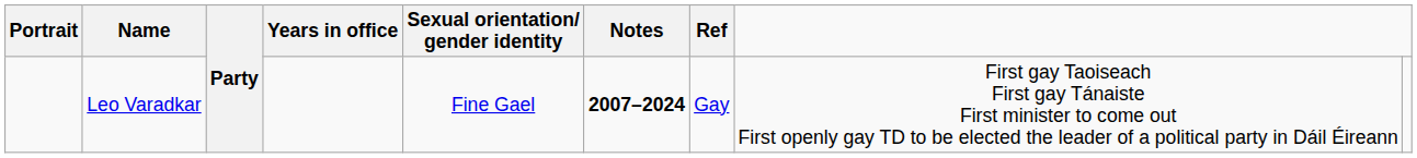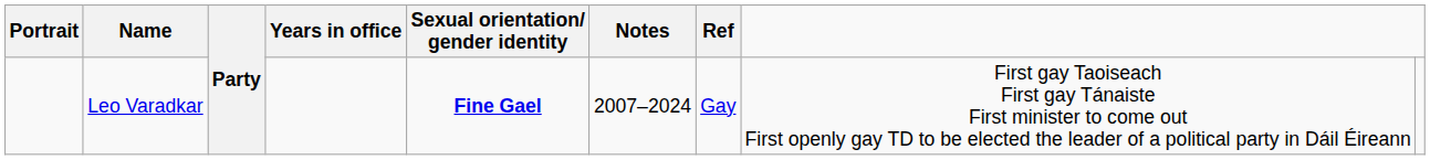 <table class="wikitable sortable" style="text-align:center">
 <tr>
 <th class=unsortable>Portrait</th>
 <th>Name</th>
 <th colspan="2" rowspan="2">Party</th>
 <th>Years in office</th>
 <th>Sexual orientation/<br>gender identity</th>
 <th>Notes</th>
 <th>Ref</th>
 </tr>
 <tr>
 <td rowspan=2></td>
 <td rowspan=2><a href='#'>Leo Varadkar</a><br></td>
 <td style="background-color:"></td>
-<td><a href='#'>Fine Gael</a></td>
-<td><strong>2007–2024</strong></td>
+<td><strong><a href='#'>Fine Gael</a></strong></td>
+<td>2007–2024</td>
 <td rowspan=2><a href='#'>Gay</a></td>
 <td rowspan=2>First gay Taoiseach<br>First gay Tánaiste<br>First minister to come out<br>First openly gay TD to be elected the leader of a political party in Dáil Éireann</td>
 <td></td>
 </tr>
 </table>
